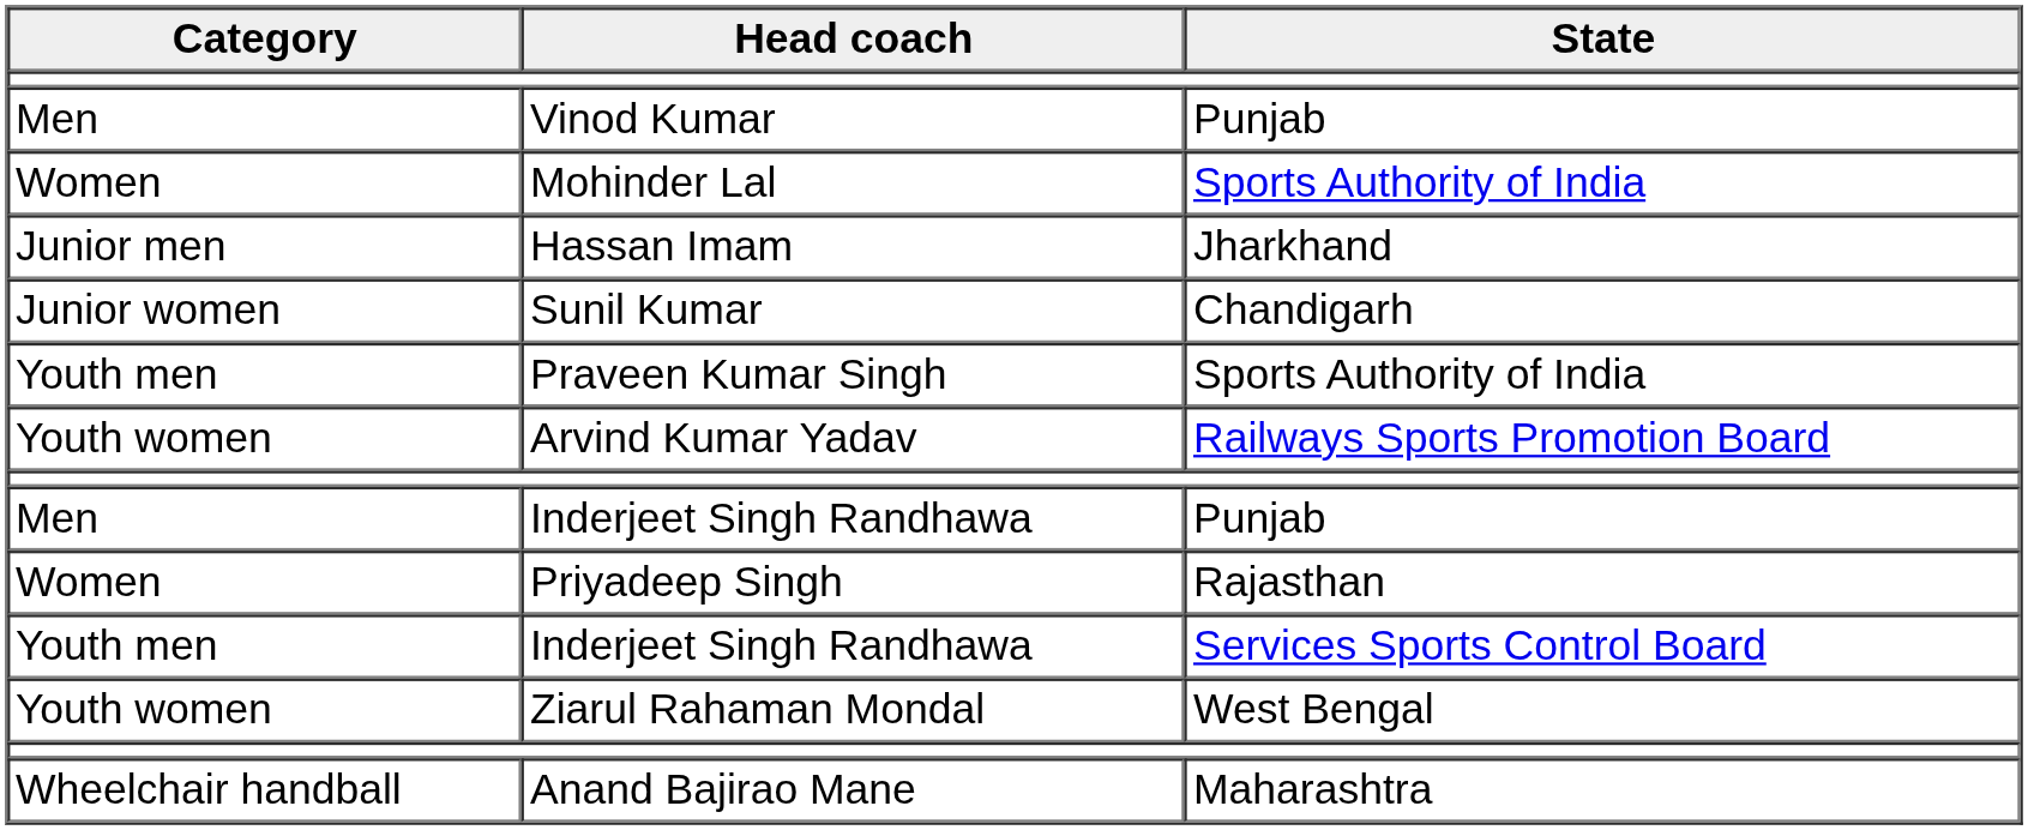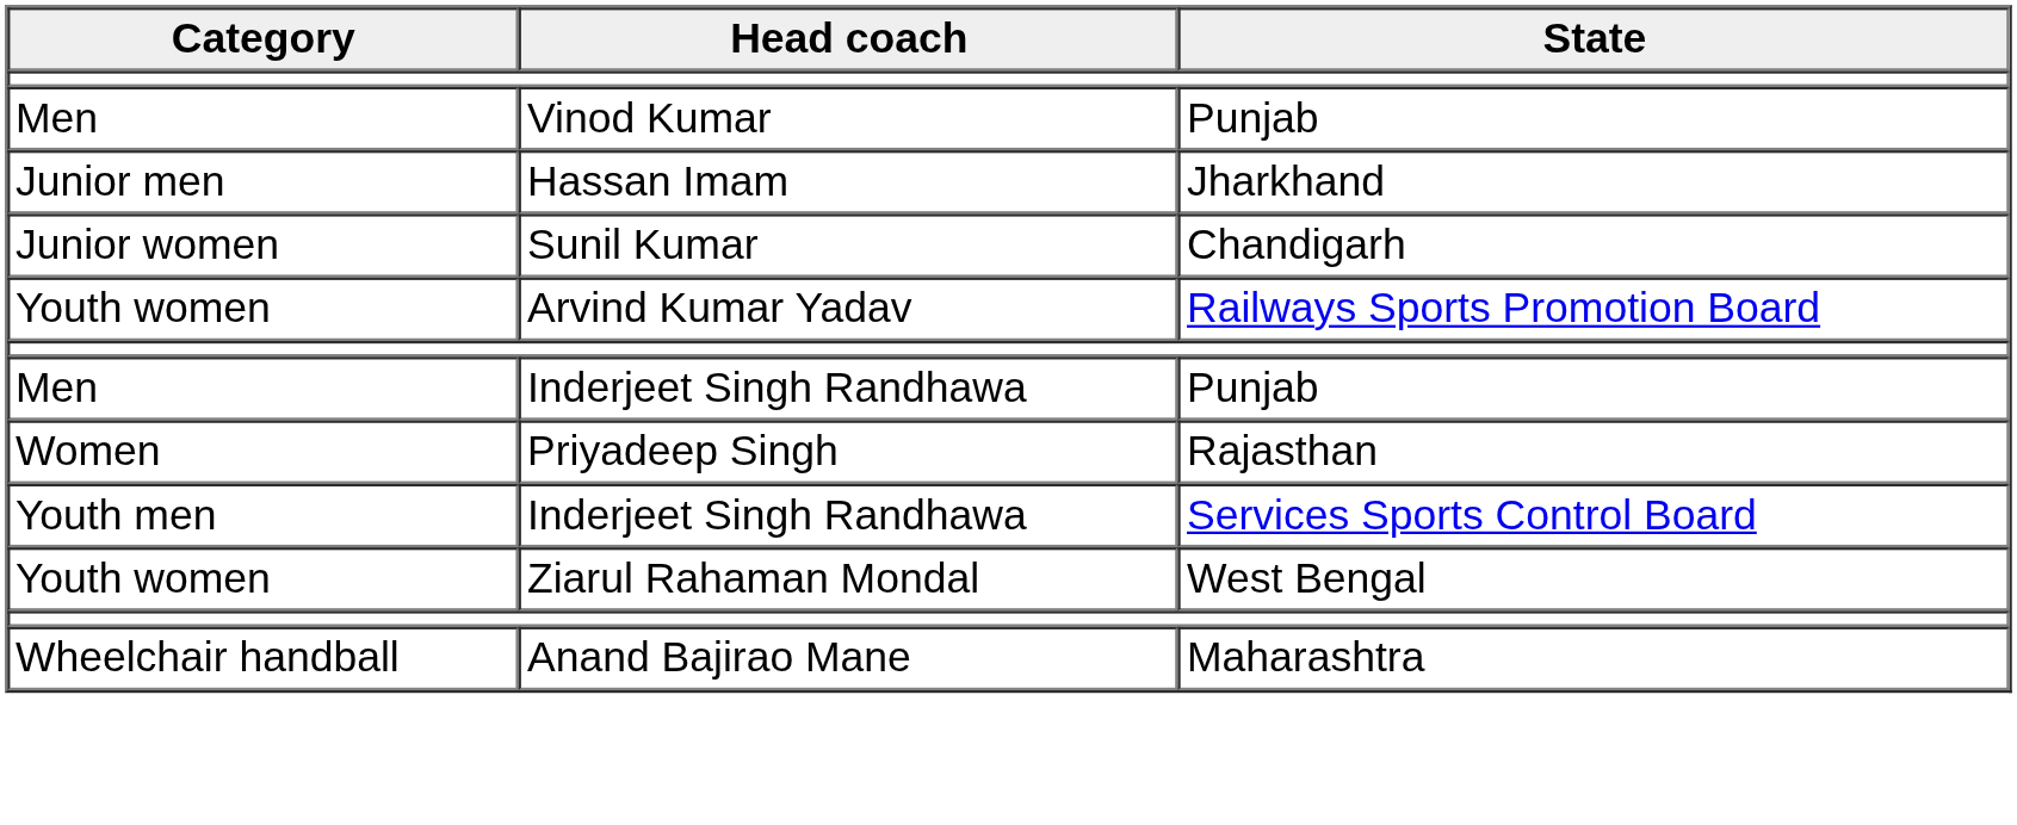 <table class= style="border-collapse: collapse; border: 2px #000000 solid; font-size: x-big; font-family: verdana" width="60%" cellspacing="0" cellpadding="2" border="1">
 <tr bgcolor="efefef" align="center">
 <th>Category</th>
 <th>Head coach</th>
 <th>State</th>
 </tr>
 <tr>
 <td colspan=3></td>
 </tr>
 <tr>
 <td>Men</td>
 <td>Vinod Kumar</td>
 <td>Punjab</td>
 </tr>
 <tr>
-<td>Women</td>
-<td>Mohinder Lal</td>
-<td><a href='#'>Sports Authority of India</a></td>
-</tr>
-<tr>
 <td>Junior men</td>
 <td>Hassan Imam</td>
 <td>Jharkhand</td>
 </tr>
 <tr>
 <td>Junior women</td>
 <td>Sunil Kumar</td>
 <td>Chandigarh</td>
-</tr>
-<tr>
-<td>Youth men</td>
-<td>Praveen Kumar Singh</td>
-<td>Sports Authority of India</td>
 </tr>
 <tr>
 <td>Youth women</td>
 <td>Arvind Kumar Yadav</td>
 <td><a href='#'>Railways Sports Promotion Board</a></td>
 </tr>
 <tr>
 <td colspan=3></td>
 </tr>
 <tr>
 <td>Men</td>
 <td>Inderjeet Singh Randhawa</td>
 <td>Punjab</td>
 </tr>
 <tr>
 <td>Women</td>
 <td>Priyadeep Singh</td>
 <td>Rajasthan</td>
 </tr>
 <tr>
 <td>Youth men</td>
 <td>Inderjeet Singh Randhawa</td>
 <td><a href='#'>Services Sports Control Board</a></td>
 </tr>
 <tr>
 <td>Youth women</td>
 <td>Ziarul Rahaman Mondal</td>
 <td>West Bengal</td>
 </tr>
 <tr>
 <td colspan=3></td>
 </tr>
 <tr>
 <td>Wheelchair handball</td>
 <td>Anand Bajirao Mane</td>
 <td>Maharashtra</td>
 </tr>
 </table>
